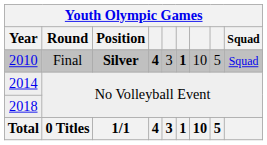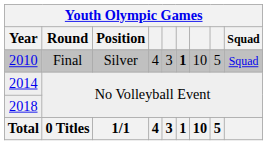 <table class="wikitable" style="text-align: center;">
 <tr>
 <th colspan=9><a href='#'>Youth Olympic Games</a></th>
 </tr>
 <tr>
 <th>Year</th>
 <th>Round</th>
 <th>Position</th>
 <th></th>
 <th></th>
 <th></th>
 <th></th>
 <th></th>
 <th><small>Squad</small></th>
 </tr>
 <tr bgcolor=Silver>
 <td> <a href='#'>2010</a></td>
 <td>Final</td>
-<td><strong>Silver</strong></td>
-<td><strong>4</strong></td>
+<td>Silver</td>
+<td>4</td>
 <td>3</td>
 <td><strong>1</strong></td>
 <td>10</td>
 <td>5</td>
 <td><small><a href='#'>Squad</a></small></td>
 </tr>
 <tr bgcolor="efefef">
 <td> <a href='#'>2014</a></td>
 <td colspan=9 rowspan="2" align=center>No Volleyball Event</td>
 </tr>
 <tr bgcolor="efefef">
 <td> <a href='#'>2018</a></td>
 </tr>
 <tr>
 <th>Total</th>
 <th>0 Titles</th>
 <th>1/1</th>
 <th>4</th>
 <th>3</th>
 <th>1</th>
 <th>10</th>
 <th>5</th>
 <th></th>
 </tr>
 </table>
